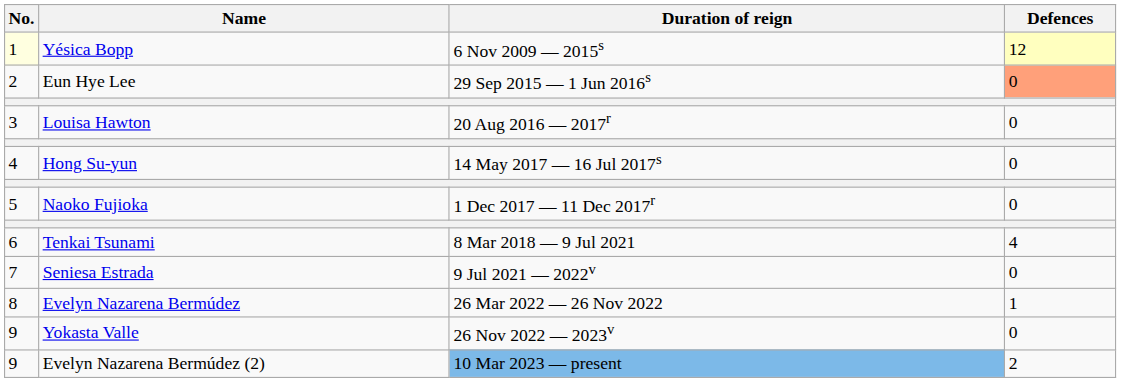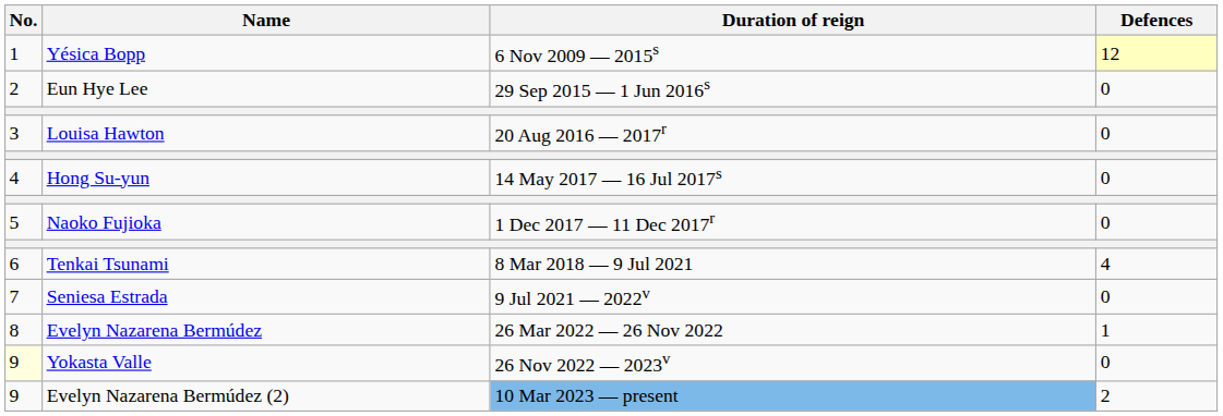 <table class="wikitable" width=80%>
 <tr>
 <th width=3%>No.</th>
 <th width=37%>Name</th>
 <th width=50%>Duration of reign</th>
 <th width=10%>Defences</th>
 </tr>
 <tr>
-<td style="background: lightyellow;">1</td>
+<td>1</td>
 <td align=left> <a href='#'>Yésica Bopp</a></td>
 <td>6 Nov 2009 — 2015<sup>s</sup></td>
 <td style="background:#ffffbf;" width=5px>12</td>
 </tr>
 <tr>
 <td>2</td>
 <td align=left> Eun Hye Lee</td>
 <td>29 Sep 2015 — 1 Jun 2016<sup>s</sup></td>
-<td style="background: lightsalmon;">0</td>
+<td>0</td>
 </tr>
 <tr align=center>
 <th colspan="4"></th>
 </tr>
 <tr>
 <td>3</td>
 <td align=left> <a href='#'>Louisa Hawton</a></td>
 <td>20 Aug 2016 — 2017<sup>r</sup></td>
 <td>0</td>
 </tr>
 <tr>
 <th colspan="4"></th>
 </tr>
 <tr>
 <td>4</td>
 <td align=left> <a href='#'>Hong Su-yun</a></td>
 <td>14 May 2017 — 16 Jul 2017<sup>s</sup></td>
 <td>0</td>
 </tr>
 <tr align=center>
 <th colspan="4"></th>
 </tr>
 <tr>
 <td>5</td>
 <td align=left> <a href='#'>Naoko Fujioka</a></td>
 <td>1 Dec 2017 — 11 Dec 2017<sup>r</sup></td>
 <td>0</td>
 </tr>
 <tr align=center>
 <th colspan="4"></th>
 </tr>
 <tr>
 <td>6</td>
 <td align=left> <a href='#'>Tenkai Tsunami</a></td>
 <td>8 Mar 2018 — 9 Jul 2021</td>
 <td>4</td>
 </tr>
 <tr>
 <td>7</td>
 <td align=left> <a href='#'>Seniesa Estrada</a></td>
 <td>9 Jul 2021 — 2022<sup>v</sup></td>
 <td>0</td>
 </tr>
 <tr>
 <td>8</td>
 <td align=left> <a href='#'>Evelyn Nazarena Bermúdez</a></td>
 <td>26 Mar 2022 — 26 Nov 2022</td>
 <td>1</td>
 </tr>
 <tr>
-<td>9</td>
+<td style="background: lightyellow;">9</td>
 <td align=left> <a href='#'>Yokasta Valle</a></td>
 <td>26 Nov 2022 — 2023<sup>v</sup></td>
 <td>0</td>
 </tr>
 <tr>
 <td>9</td>
 <td align=left> Evelyn Nazarena Bermúdez (2)</td>
 <td style="background:#7CB9E8;" width=5px>10 Mar 2023 — present</td>
 <td>2</td>
 </tr>
 </table>
